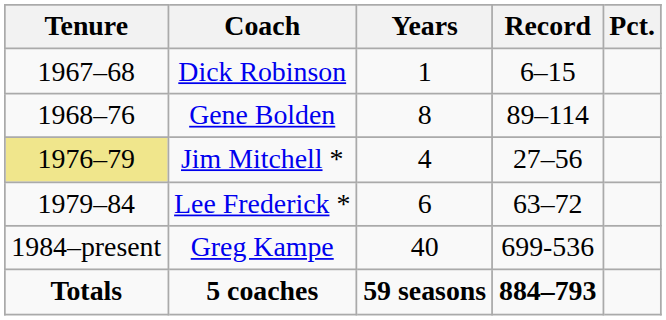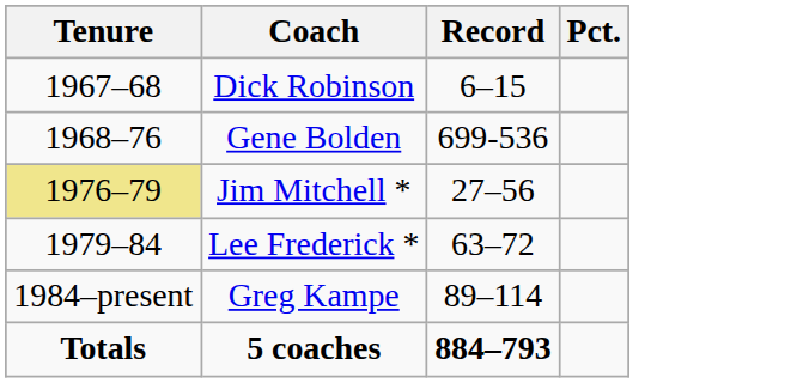 <table class="wikitable" style="text-align:center">
 <tr>
 <th>Tenure</th>
 <th>Coach</th>
-<th>Years</th>
 <th>Record</th>
 <th>Pct.</th>
 </tr>
 <tr>
 <td>1967–68</td>
 <td><a href='#'>Dick Robinson</a></td>
-<td>1</td>
 <td>6–15</td>
 <td></td>
 </tr>
 <tr>
 <td>1968–76</td>
 <td><a href='#'>Gene Bolden</a></td>
-<td>8</td>
-<td>89–114</td>
+<td>699-536</td>
 <td></td>
 </tr>
 <tr>
 <td style="background: khaki;">1976–79</td>
 <td><a href='#'>Jim Mitchell</a> *</td>
-<td>4</td>
 <td>27–56</td>
 <td></td>
 </tr>
 <tr>
 <td>1979–84</td>
 <td><a href='#'>Lee Frederick</a> *</td>
-<td>6</td>
 <td>63–72</td>
 <td></td>
 </tr>
 <tr>
 <td>1984–present</td>
 <td><a href='#'>Greg Kampe</a></td>
-<td>40</td>
-<td>699-536</td>
+<td>89–114</td>
 <td></td>
 </tr>
 <tr style="font-weight:bold; ">
 <td>Totals</td>
 <td>5 coaches</td>
-<td>59 seasons</td>
 <td>884–793</td>
 <td></td>
 </tr>
 </table>
